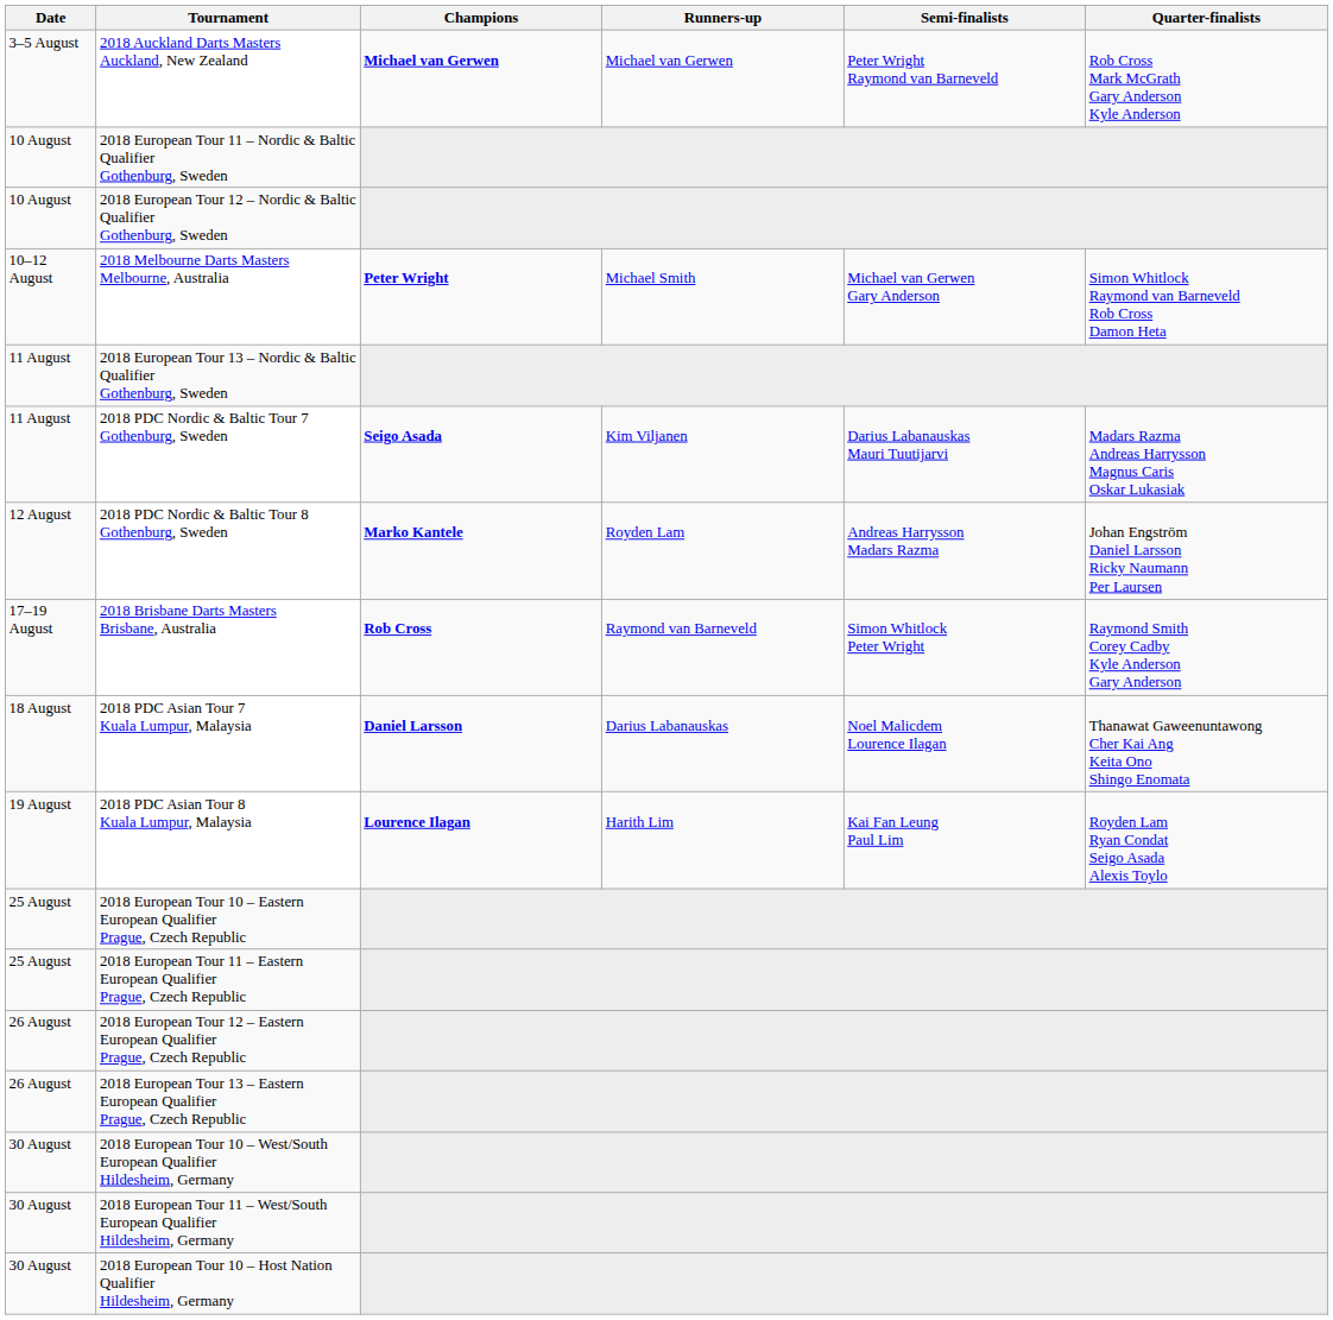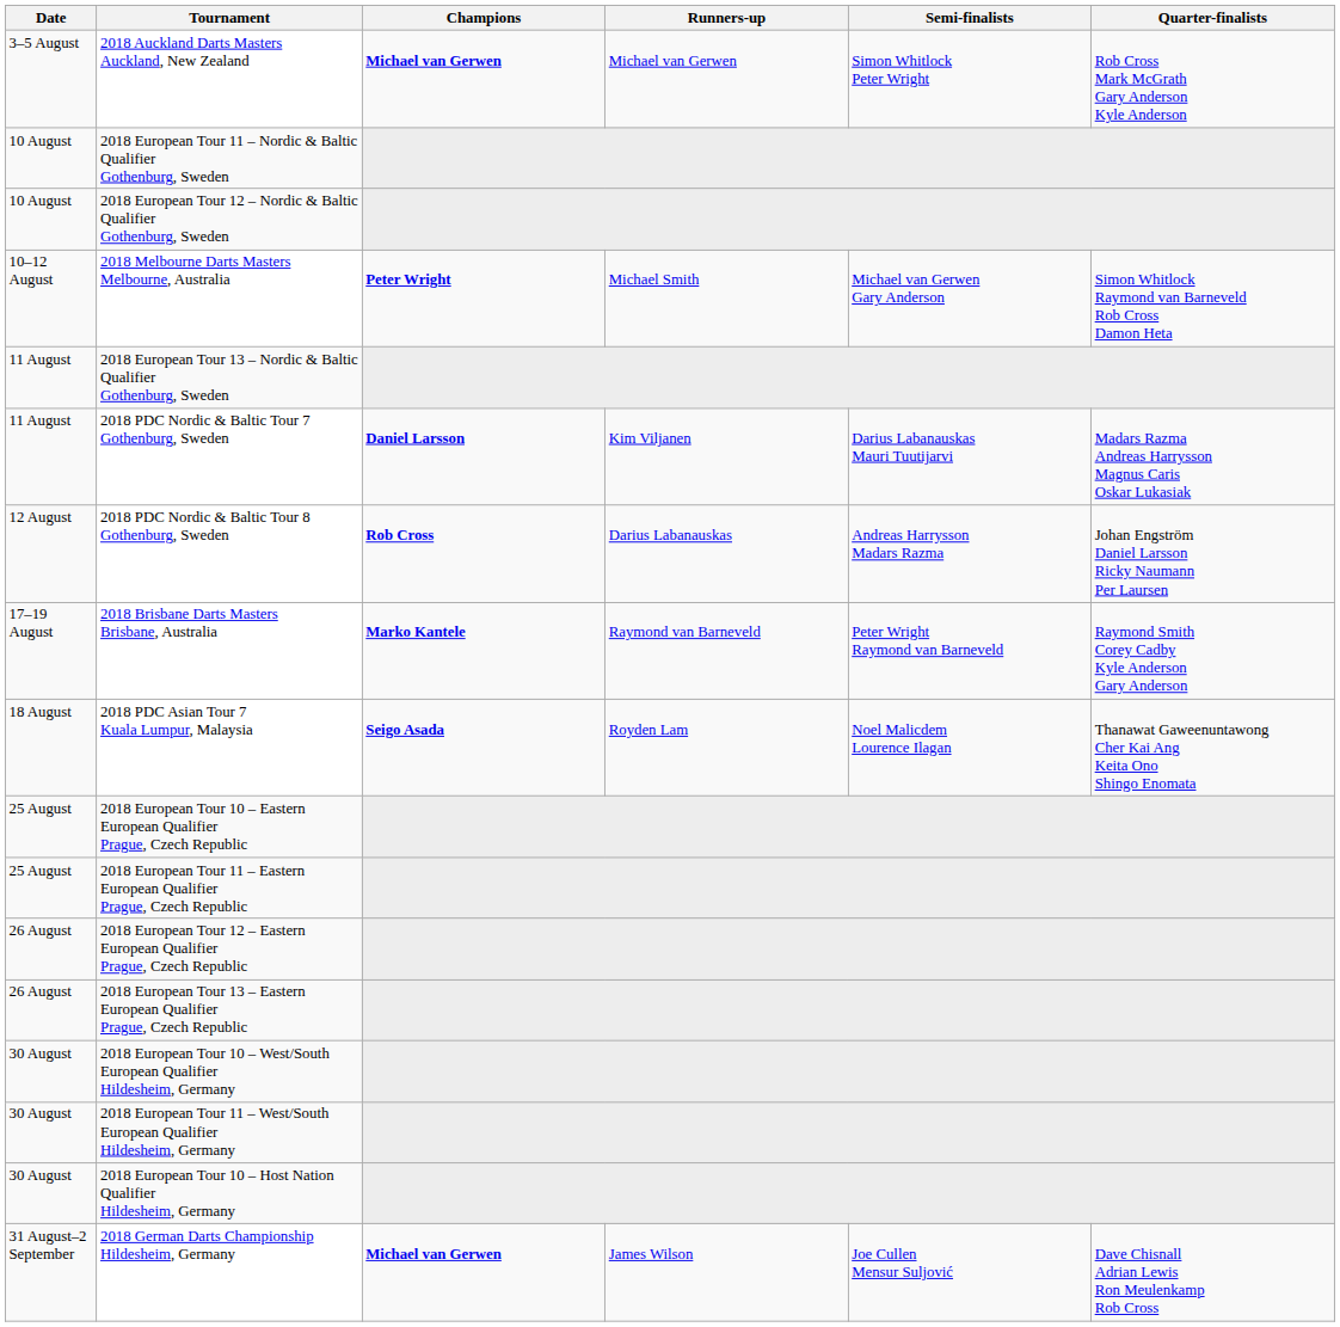 <table class=wikitable style=font-size:85%>
 <tr>
 <th width=75>Date</th>
 <th width=230>Tournament</th>
 <th width=210>Champions</th>
 <th width=210>Runners-up</th>
 <th width=210>Semi-finalists</th>
 <th width=210>Quarter-finalists</th>
 </tr>
 <tr valign="top">
 <td>3–5 August</td>
 <td bgcolor="#ffffff"><a href='#'>2018 Auckland Darts Masters</a><br><a href='#'>Auckland</a>, New Zealand</td>
 <td><br> <strong><a href='#'>Michael van Gerwen</a></strong></td>
 <td><br> <a href='#'>Michael van Gerwen</a></td>
-<td><br> <a href='#'>Peter Wright</a> <br>  <a href='#'>Raymond van Barneveld</a></td>
+<td><br> <a href='#'>Simon Whitlock</a> <br>  <a href='#'>Peter Wright</a></td>
 <td><br> <a href='#'>Rob Cross</a> <br>  <a href='#'>Mark McGrath</a> <br>  <a href='#'>Gary Anderson</a> <br>  <a href='#'>Kyle Anderson</a></td>
 </tr>
 <tr valign="top">
 <td rowspan=1>10 August</td>
 <td>2018 European Tour 11 – Nordic & Baltic Qualifier <br><a href='#'>Gothenburg</a>, Sweden</td>
 <td colspan=4 bgcolor="#ededed"></td>
 </tr>
 <tr valign="top">
 <td rowspan=1>10 August</td>
 <td>2018 European Tour 12 – Nordic & Baltic Qualifier <br><a href='#'>Gothenburg</a>, Sweden</td>
 <td colspan=4 bgcolor="#ededed"></td>
 </tr>
 <tr valign="top">
 <td>10–12 August</td>
 <td bgcolor="#ffffff"><a href='#'>2018 Melbourne Darts Masters</a><br><a href='#'>Melbourne</a>, Australia</td>
 <td><br> <strong><a href='#'>Peter Wright</a></strong></td>
 <td><br> <a href='#'>Michael Smith</a></td>
 <td><br> <a href='#'>Michael van Gerwen</a> <br>  <a href='#'>Gary Anderson</a></td>
 <td><br> <a href='#'>Simon Whitlock</a> <br>  <a href='#'>Raymond van Barneveld</a> <br>  <a href='#'>Rob Cross</a> <br>  <a href='#'>Damon Heta</a></td>
 </tr>
 <tr valign="top">
 <td rowspan=1>11 August</td>
 <td>2018 European Tour 13 – Nordic & Baltic Qualifier <br><a href='#'>Gothenburg</a>, Sweden</td>
 <td colspan=4 bgcolor="#ededed"></td>
 </tr>
 <tr valign="top">
 <td>11 August</td>
 <td bgcolor="#ffffff">2018 PDC Nordic & Baltic Tour 7<br><a href='#'>Gothenburg</a>, Sweden</td>
-<td><br> <strong><a href='#'>Seigo Asada</a></strong></td>
+<td><br> <strong><a href='#'>Daniel Larsson</a></strong></td>
 <td><br> <a href='#'>Kim Viljanen</a></td>
 <td><br> <a href='#'>Darius Labanauskas</a> <br>  <a href='#'>Mauri Tuutijarvi</a></td>
 <td><br> <a href='#'>Madars Razma</a> <br>  <a href='#'>Andreas Harrysson</a> <br>  <a href='#'>Magnus Caris</a> <br>  <a href='#'>Oskar Lukasiak</a></td>
 </tr>
 <tr valign="top">
 <td>12 August</td>
 <td bgcolor="#ffffff">2018 PDC Nordic & Baltic Tour 8<br><a href='#'>Gothenburg</a>, Sweden</td>
-<td><br> <strong><a href='#'>Marko Kantele</a></strong></td>
-<td><br> <a href='#'>Royden Lam</a></td>
+<td><br> <strong><a href='#'>Rob Cross</a></strong></td>
+<td><br> <a href='#'>Darius Labanauskas</a></td>
 <td><br> <a href='#'>Andreas Harrysson</a> <br>  <a href='#'>Madars Razma</a></td>
 <td><br> Johan Engström <br>  <a href='#'>Daniel Larsson</a> <br>  <a href='#'>Ricky Naumann</a> <br>  <a href='#'>Per Laursen</a></td>
 </tr>
 <tr valign="top">
 <td>17–19 August</td>
 <td bgcolor="#ffffff"><a href='#'>2018 Brisbane Darts Masters</a><br><a href='#'>Brisbane</a>, Australia</td>
-<td><br> <strong><a href='#'>Rob Cross</a></strong></td>
+<td><br> <strong><a href='#'>Marko Kantele</a></strong></td>
 <td><br> <a href='#'>Raymond van Barneveld</a></td>
-<td><br> <a href='#'>Simon Whitlock</a> <br>  <a href='#'>Peter Wright</a></td>
+<td><br> <a href='#'>Peter Wright</a> <br>  <a href='#'>Raymond van Barneveld</a></td>
 <td><br> <a href='#'>Raymond Smith</a> <br>  <a href='#'>Corey Cadby</a> <br>  <a href='#'>Kyle Anderson</a> <br>  <a href='#'>Gary Anderson</a></td>
 </tr>
 <tr valign="top">
 <td>18 August</td>
 <td bgcolor="#ffffff">2018 PDC Asian Tour 7<br><a href='#'>Kuala Lumpur</a>, Malaysia</td>
-<td><br> <strong><a href='#'>Daniel Larsson</a></strong></td>
-<td><br> <a href='#'>Darius Labanauskas</a></td>
+<td><br> <strong><a href='#'>Seigo Asada</a></strong></td>
+<td><br> <a href='#'>Royden Lam</a></td>
 <td><br> <a href='#'>Noel Malicdem</a> <br>  <a href='#'>Lourence Ilagan</a></td>
 <td><br> Thanawat Gaweenuntawong <br>  <a href='#'>Cher Kai Ang</a> <br>  <a href='#'>Keita Ono</a> <br>  <a href='#'>Shingo Enomata</a></td>
-</tr>
-<tr valign="top">
-<td>19 August</td>
-<td bgcolor="#ffffff">2018 PDC Asian Tour 8<br><a href='#'>Kuala Lumpur</a>, Malaysia</td>
-<td><br> <strong><a href='#'>Lourence Ilagan</a></strong></td>
-<td><br> <a href='#'>Harith Lim</a></td>
-<td><br> <a href='#'>Kai Fan Leung</a> <br>  <a href='#'>Paul Lim</a></td>
-<td><br> <a href='#'>Royden Lam</a> <br>  <a href='#'>Ryan Condat</a> <br>  <a href='#'>Seigo Asada</a> <br>  <a href='#'>Alexis Toylo</a></td>
 </tr>
 <tr valign="top">
 <td rowspan=1>25 August</td>
 <td>2018 European Tour 10 – Eastern European Qualifier <br><a href='#'>Prague</a>, Czech Republic</td>
 <td colspan=4 bgcolor="#ededed"></td>
 </tr>
 <tr valign="top">
 <td rowspan=1>25 August</td>
 <td>2018 European Tour 11 – Eastern European Qualifier <br><a href='#'>Prague</a>, Czech Republic</td>
 <td colspan=4 bgcolor="#ededed"></td>
 </tr>
 <tr valign="top">
 <td rowspan=1>26 August</td>
 <td>2018 European Tour 12 – Eastern European Qualifier <br><a href='#'>Prague</a>, Czech Republic</td>
 <td colspan=4 bgcolor="#ededed"></td>
 </tr>
 <tr valign="top">
 <td rowspan=1>26 August</td>
 <td>2018 European Tour 13 – Eastern European Qualifier <br><a href='#'>Prague</a>, Czech Republic</td>
 <td colspan=4 bgcolor="#ededed"></td>
 </tr>
 <tr valign="top">
 <td rowspan=1>30 August</td>
 <td>2018 European Tour 10 – West/South European Qualifier <br><a href='#'>Hildesheim</a>, Germany</td>
 <td colspan=4 bgcolor="#ededed"></td>
 </tr>
 <tr valign="top">
 <td rowspan=1>30 August</td>
 <td>2018 European Tour 11 – West/South European Qualifier <br><a href='#'>Hildesheim</a>, Germany</td>
 <td colspan=4 bgcolor="#ededed"></td>
 </tr>
 <tr valign="top">
 <td rowspan=1>30 August</td>
 <td>2018 European Tour 10 – Host Nation Qualifier <br><a href='#'>Hildesheim</a>, Germany</td>
 <td colspan=4 bgcolor="#ededed"></td>
 </tr>
+<tr valign="top">
+<td>31 August–2 September</td>
+<td bgcolor="#ffffff"><a href='#'>2018 German Darts Championship</a><br><a href='#'>Hildesheim</a>, Germany</td>
+<td><br> <strong><a href='#'>Michael van Gerwen</a></strong></td>
+<td><br> <a href='#'>James Wilson</a></td>
+<td><br> <a href='#'>Joe Cullen</a> <br>  <a href='#'>Mensur Suljović</a></td>
+<td><br> <a href='#'>Dave Chisnall</a> <br>  <a href='#'>Adrian Lewis</a> <br>  <a href='#'>Ron Meulenkamp</a> <br>  <a href='#'>Rob Cross</a></td>
+</tr>
 </table>
